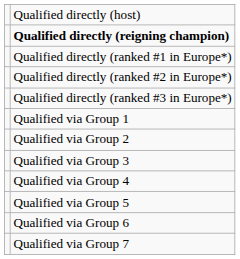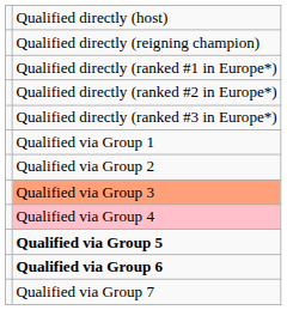 <table class="wikitable">
 <tr>
 <td></td>
 <td>Qualified directly (host)</td>
 </tr>
 <tr>
 <td></td>
-<td><strong>Qualified directly (reigning champion)</strong></td>
+<td>Qualified directly (reigning champion)</td>
 </tr>
 <tr>
 <td></td>
 <td>Qualified directly (ranked #1 in Europe*)</td>
 </tr>
 <tr>
 <td></td>
 <td>Qualified directly (ranked #2 in Europe*)</td>
 </tr>
 <tr>
 <td></td>
 <td>Qualified directly (ranked #3 in Europe*)</td>
 </tr>
 <tr>
 <td></td>
 <td>Qualified via Group 1</td>
 </tr>
 <tr>
 <td></td>
 <td>Qualified via Group 2</td>
 </tr>
 <tr>
 <td></td>
-<td>Qualified via Group 3</td>
+<td style="background: lightsalmon;">Qualified via Group 3</td>
 </tr>
 <tr>
 <td></td>
-<td>Qualified via Group 4</td>
+<td style="background: pink;">Qualified via Group 4</td>
 </tr>
 <tr>
 <td><s></s></td>
-<td>Qualified via Group 5</td>
+<td><strong>Qualified via Group 5</strong></td>
 </tr>
 <tr>
 <td></td>
-<td>Qualified via Group 6</td>
+<td><strong>Qualified via Group 6</strong></td>
 </tr>
 <tr>
 <td></td>
 <td>Qualified via Group 7</td>
 </tr>
 </table>
